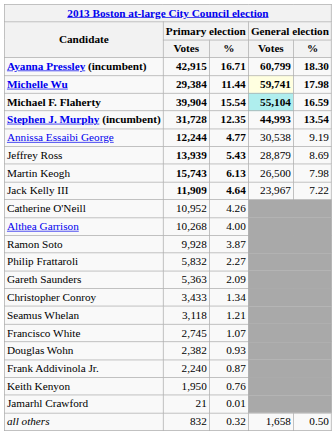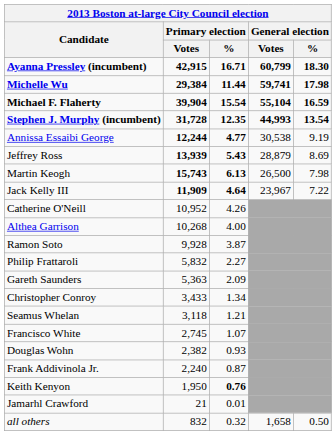 <table class=wikitable>
 <tr>
 <th colspan=5><a href='#'>2013 Boston at-large City Council election</a></th>
 </tr>
 <tr>
 <th colspan=1 rowspan=2>Candidate</th>
 <th colspan=2><strong>Primary election</strong></th>
 <th colspan=2><strong>General election</strong></th>
 </tr>
 <tr>
 <th>Votes</th>
 <th>%</th>
 <th>Votes</th>
 <th>%</th>
 </tr>
 <tr>
 <td><strong><a href='#'>Ayanna Pressley</a> (incumbent) </strong></td>
 <td align="right"><strong>42,915</strong></td>
 <td align="right"><strong>16.71</strong></td>
 <td align="right"><strong>60,799</strong></td>
 <td align="right"><strong>18.30</strong></td>
 </tr>
 <tr>
 <td><strong><a href='#'>Michelle Wu</a></strong></td>
 <td align="right"><strong>29,384</strong></td>
 <td align="right"><strong>11.44</strong></td>
-<td align="right" style="background: lightyellow;"><strong>59,741</strong></td>
+<td align="right"><strong>59,741</strong></td>
 <td align="right"><strong>17.98</strong></td>
 </tr>
 <tr>
 <td><strong>Michael F. Flaherty</strong></td>
 <td align="right"><strong>39,904</strong></td>
 <td align="right"><strong>15.54</strong></td>
-<td align="right" style="background: paleturquoise;"><strong>55,104</strong></td>
+<td align="right"><strong>55,104</strong></td>
 <td align="right"><strong>16.59</strong></td>
 </tr>
 <tr>
 <td><strong><a href='#'>Stephen J. Murphy</a> (incumbent)</strong></td>
 <td align="right"><strong>31,728</strong></td>
 <td align="right"><strong>12.35</strong></td>
 <td align="right"><strong>44,993</strong></td>
 <td align="right"><strong>13.54</strong></td>
 </tr>
 <tr>
 <td><a href='#'>Annissa Essaibi George</a></td>
 <td align="right"><strong>12,244</strong></td>
 <td align="right"><strong>4.77</strong></td>
 <td align="right">30,538</td>
 <td align="right">9.19</td>
 </tr>
 <tr>
 <td>Jeffrey Ross</td>
 <td align="right"><strong>13,939</strong></td>
 <td align="right"><strong>5.43</strong></td>
 <td align="right">28,879</td>
 <td align="right">8.69</td>
 </tr>
 <tr>
 <td>Martin Keogh</td>
 <td align="right"><strong>15,743</strong></td>
 <td align="right"><strong>6.13</strong></td>
 <td align="right">26,500</td>
 <td align="right">7.98</td>
 </tr>
 <tr>
 <td>Jack Kelly III</td>
 <td align="right"><strong>11,909</strong></td>
 <td align="right"><strong>4.64</strong></td>
 <td align="right">23,967</td>
 <td align="right">7.22</td>
 </tr>
 <tr>
 <td>Catherine O'Neill</td>
 <td align="right">10,952</td>
 <td align="right">4.26</td>
 <td colspan=2 bgcolor=darkgray> </td>
 </tr>
 <tr>
 <td><a href='#'>Althea Garrison</a></td>
 <td align="right">10,268</td>
 <td align="right">4.00</td>
 <td colspan=2 bgcolor=darkgray> </td>
 </tr>
 <tr>
 <td>Ramon Soto</td>
 <td align="right">9,928</td>
 <td align="right">3.87</td>
 <td colspan=2 bgcolor=darkgray> </td>
 </tr>
 <tr>
 <td>Philip Frattaroli</td>
 <td align="right">5,832</td>
 <td align="right">2.27</td>
 <td colspan=2 bgcolor=darkgray> </td>
 </tr>
 <tr>
 <td>Gareth Saunders</td>
 <td align="right">5,363</td>
 <td align="right">2.09</td>
 <td colspan=2 bgcolor=darkgray> </td>
 </tr>
 <tr>
 <td>Christopher Conroy</td>
 <td align="right">3,433</td>
 <td align="right">1.34</td>
 <td colspan=2 bgcolor=darkgray> </td>
 </tr>
 <tr>
 <td>Seamus Whelan</td>
 <td align="right">3,118</td>
 <td align="right">1.21</td>
 <td colspan=2 bgcolor=darkgray> </td>
 </tr>
 <tr>
 <td>Francisco White</td>
 <td align="right">2,745</td>
 <td align="right">1.07</td>
 <td colspan=2 bgcolor=darkgray> </td>
 </tr>
 <tr>
 <td>Douglas Wohn</td>
 <td align="right">2,382</td>
 <td align="right">0.93</td>
 <td colspan=2 bgcolor=darkgray> </td>
 </tr>
 <tr>
 <td>Frank Addivinola Jr.</td>
 <td align="right">2,240</td>
 <td align="right">0.87</td>
 <td colspan=2 bgcolor=darkgray> </td>
 </tr>
 <tr>
 <td>Keith Kenyon</td>
 <td align="right">1,950</td>
-<td align="right">0.76</td>
+<td align="right"><strong>0.76</strong></td>
 <td colspan=2 bgcolor=darkgray> </td>
 </tr>
 <tr>
 <td>Jamarhl Crawford</td>
 <td align="right">21</td>
 <td align="right">0.01</td>
 <td colspan=2 bgcolor=darkgray> </td>
 </tr>
 <tr>
 <td><em>all others</em></td>
 <td align="right">832</td>
 <td align="right">0.32</td>
 <td align="right">1,658</td>
 <td align="right">0.50</td>
 </tr>
 </table>
